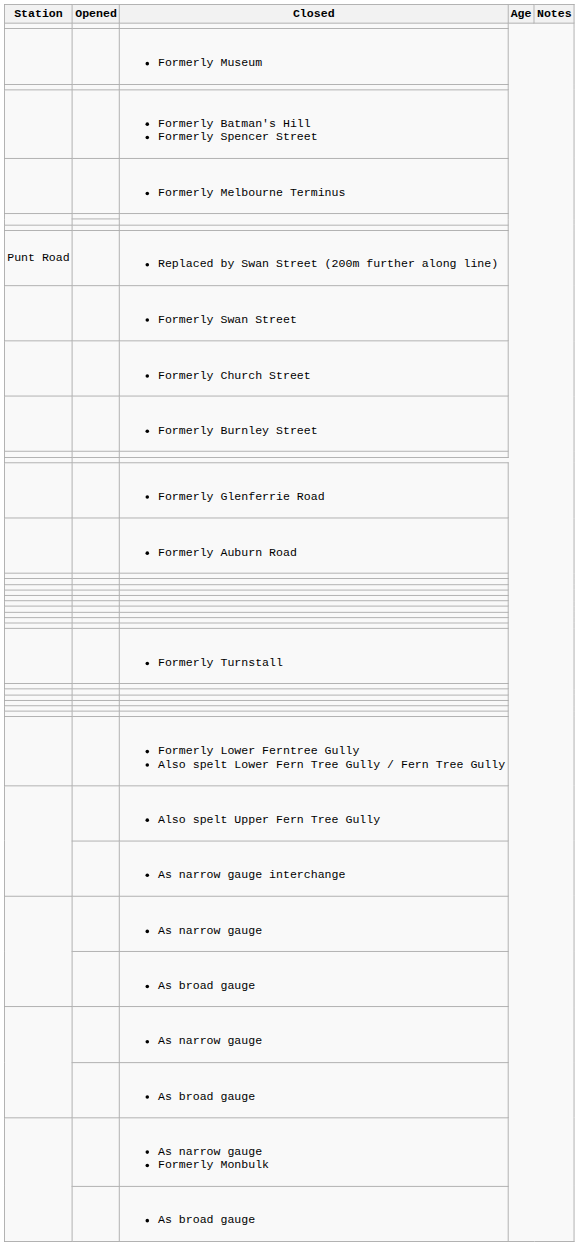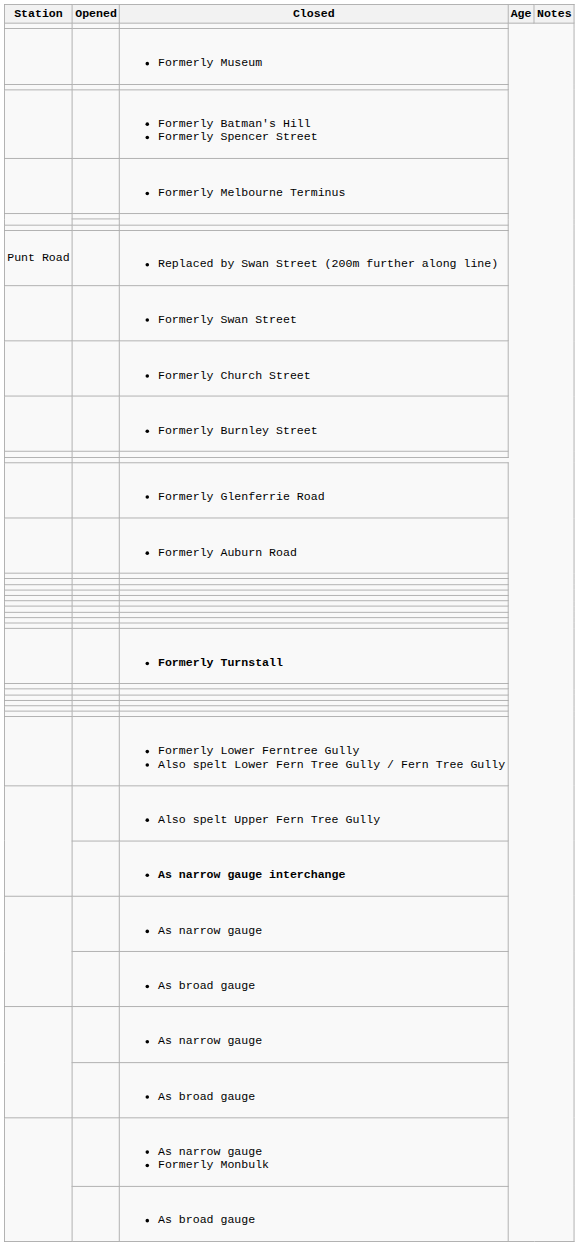 <table class="wikitable sortable">
 <tr>
 <th>Station</th>
 <th>Opened</th>
 <th>Closed</th>
 <th>Age</th>
 <th scope=col class=unsortable>Notes</th>
 </tr>
 <tr>
 <td></td>
 <td></td>
 <td></td>
 </tr>
 <tr>
 <td></td>
 <td></td>
 <td><br><ul><li>Formerly Museum</li></ul></td>
 </tr>
 <tr>
 <td></td>
 <td></td>
 <td></td>
 </tr>
 <tr>
 <td></td>
 <td></td>
 <td><br><ul><li>Formerly Batman's Hill</li><li>Formerly Spencer Street</li></ul></td>
 </tr>
 <tr>
 <td></td>
 <td></td>
 <td><br><ul><li>Formerly Melbourne Terminus</li></ul></td>
 </tr>
 <tr>
 <td rowspan="2"></td>
 <td></td>
 <td rowspan="2"></td>
 </tr>
 <tr>
 <td></td>
 </tr>
 <tr>
 <td></td>
 <td></td>
 <td></td>
 </tr>
 <tr>
 <td>Punt Road</td>
 <td></td>
 <td><br><ul><li>Replaced by Swan Street (200m further along line)</li></ul></td>
 </tr>
 <tr>
 <td></td>
 <td></td>
 <td><br><ul><li>Formerly Swan Street</li></ul></td>
 </tr>
 <tr>
 <td></td>
 <td></td>
 <td><br><ul><li>Formerly Church Street</li></ul></td>
 </tr>
 <tr>
 <td></td>
 <td></td>
 <td><br><ul><li>Formerly Burnley Street</li></ul></td>
 </tr>
 <tr>
 <td></td>
 <td></td>
 <td></td>
 </tr>
 <tr>
 <td></td>
 <td></td>
 </tr>
 <tr>
 <td></td>
 <td></td>
 <td><br><ul><li>Formerly Glenferrie Road</li></ul></td>
 </tr>
 <tr>
 <td></td>
 <td></td>
 <td><br><ul><li>Formerly Auburn Road</li></ul></td>
 </tr>
 <tr>
 <td></td>
 <td></td>
 <td></td>
 </tr>
 <tr>
 <td></td>
 <td></td>
 <td></td>
 </tr>
 <tr>
 <td></td>
 <td></td>
 <td></td>
 </tr>
 <tr>
 <td></td>
 <td></td>
 <td></td>
 </tr>
 <tr>
 <td></td>
 <td></td>
 <td></td>
 </tr>
 <tr>
 <td></td>
 <td></td>
 <td></td>
 </tr>
 <tr>
 <td></td>
 <td></td>
 <td></td>
 </tr>
 <tr>
 <td></td>
 <td></td>
 <td></td>
 </tr>
 <tr>
 <td></td>
 <td></td>
 <td></td>
 </tr>
 <tr>
 <td></td>
 <td></td>
 <td></td>
 </tr>
 <tr>
 <td></td>
 <td></td>
-<td><br><ul><li>Formerly Turnstall</li></ul></td>
+<td><strong><br><ul><li>Formerly Turnstall</li></ul></strong></td>
 </tr>
 <tr>
 <td></td>
 <td></td>
 <td></td>
 </tr>
 <tr>
 <td></td>
 <td></td>
 <td></td>
 </tr>
 <tr>
 <td></td>
 <td></td>
 <td></td>
 </tr>
 <tr>
 <td></td>
 <td></td>
 <td></td>
 </tr>
 <tr>
 <td></td>
 <td></td>
 <td></td>
 </tr>
 <tr>
 <td></td>
 <td></td>
 <td></td>
 </tr>
 <tr>
 <td></td>
 <td></td>
 <td><br><ul><li>Formerly Lower Ferntree Gully</li><li>Also spelt Lower Fern Tree Gully / Fern Tree Gully</li></ul></td>
 </tr>
 <tr>
 <td rowspan="2"></td>
 <td></td>
 <td><br><ul><li>Also spelt Upper Fern Tree Gully</li></ul></td>
 </tr>
 <tr>
 <td></td>
-<td><br><ul><li>As narrow gauge interchange</li></ul></td>
+<td><strong><br><ul><li>As narrow gauge interchange</li></ul></strong></td>
 </tr>
 <tr>
 <td rowspan="2"></td>
 <td></td>
 <td><br><ul><li>As narrow gauge</li></ul></td>
 </tr>
 <tr>
 <td></td>
 <td><br><ul><li>As broad gauge</li></ul></td>
 </tr>
 <tr>
 <td rowspan="2"></td>
 <td></td>
 <td><br><ul><li>As narrow gauge</li></ul></td>
 </tr>
 <tr>
 <td></td>
 <td><br><ul><li>As broad gauge</li></ul></td>
 </tr>
 <tr>
 <td rowspan="2"></td>
 <td></td>
 <td><br><ul><li>As narrow gauge</li><li>Formerly Monbulk</li></ul></td>
 </tr>
 <tr>
 <td></td>
 <td><br><ul><li>As broad gauge</li></ul></td>
 </tr>
 </table>
